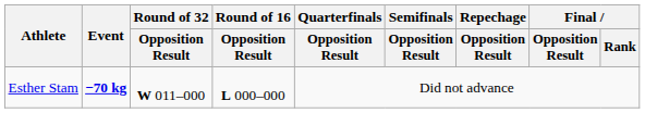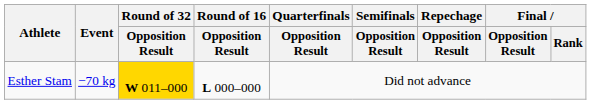 <table class="wikitable" style="font-size:90%">
 <tr>
 <th rowspan="2">Athlete</th>
 <th rowspan="2">Event</th>
 <th>Round of 32</th>
 <th>Round of 16</th>
 <th>Quarterfinals</th>
 <th>Semifinals</th>
 <th>Repechage</th>
 <th colspan=2>Final / </th>
 </tr>
 <tr style="font-size:95%">
 <th>Opposition<br>Result</th>
 <th>Opposition<br>Result</th>
 <th>Opposition<br>Result</th>
 <th>Opposition<br>Result</th>
 <th>Opposition<br>Result</th>
 <th>Opposition<br>Result</th>
 <th>Rank</th>
 </tr>
 <tr align=center>
 <td align=left><a href='#'>Esther Stam</a></td>
-<td align=left><strong><a href='#'>−70 kg</a></strong></td>
-<td><br><strong>W</strong> 011–000</td>
+<td align=left><a href='#'>−70 kg</a></td>
+<td style="background: gold;"><br><strong>W</strong> 011–000</td>
 <td><br><strong>L</strong> 000–000 </td>
 <td colspan=5>Did not advance</td>
 </tr>
 </table>
